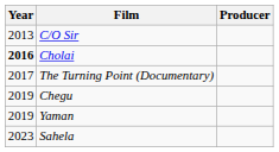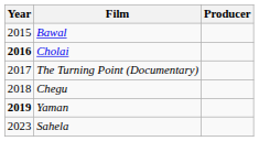 <table class="wikitable sortable">
 <tr>
 <th>Year</th>
 <th>Film</th>
 <th>Producer</th>
 </tr>
 <tr>
-<td>2013</td>
-<td><em><a href='#'>C/O Sir</a></em></td>
+<td>2015</td>
+<td><em><a href='#'>Bawal</a></em></td>
 <td></td>
 </tr>
 <tr>
 <td><strong>2016</strong></td>
 <td><em><a href='#'>Cholai</a></em></td>
 <td></td>
 </tr>
 <tr>
 <td>2017</td>
 <td><em>The Turning Point (Documentary)</em></td>
 <td></td>
 </tr>
 <tr>
-<td>2019</td>
+<td>2018</td>
 <td><em>Chegu</em></td>
 <td></td>
 </tr>
 <tr>
-<td>2019</td>
+<td><strong>2019</strong></td>
 <td><em>Yaman</em></td>
 <td></td>
 </tr>
 <tr>
 <td>2023</td>
 <td><em>Sahela</em><br>            </td>
 <td></td>
 </tr>
 </table>
